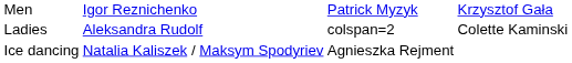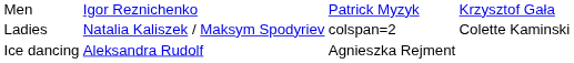 <table>
 <tr>
 <td>Men</td>
 <td><a href='#'>Igor Reznichenko</a></td>
 <td><a href='#'>Patrick Myzyk</a></td>
 <td><a href='#'>Krzysztof Gała</a></td>
 </tr>
 <tr>
 <td>Ladies</td>
-<td><a href='#'>Aleksandra Rudolf</a></td>
+<td><a href='#'>Natalia Kaliszek</a> / <a href='#'>Maksym Spodyriev</a></td>
 <td>colspan=2 </td>
 <td>Colette Kaminski</td>
 </tr>
 <tr>
 <td>Ice dancing</td>
-<td><a href='#'>Natalia Kaliszek</a> / <a href='#'>Maksym Spodyriev</a></td>
+<td><a href='#'>Aleksandra Rudolf</a></td>
 <td>Agnieszka Rejment</td>
 </tr>
 </table>
